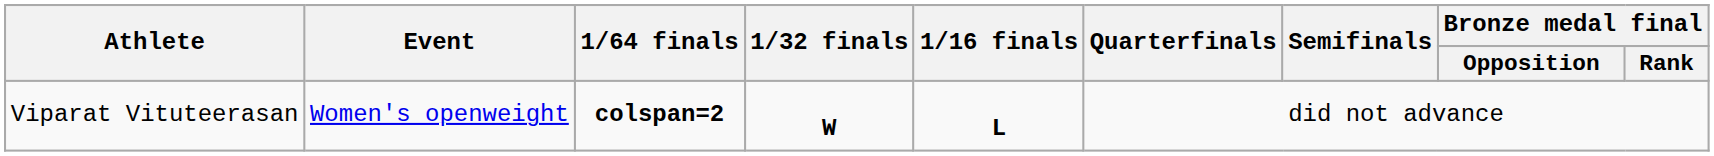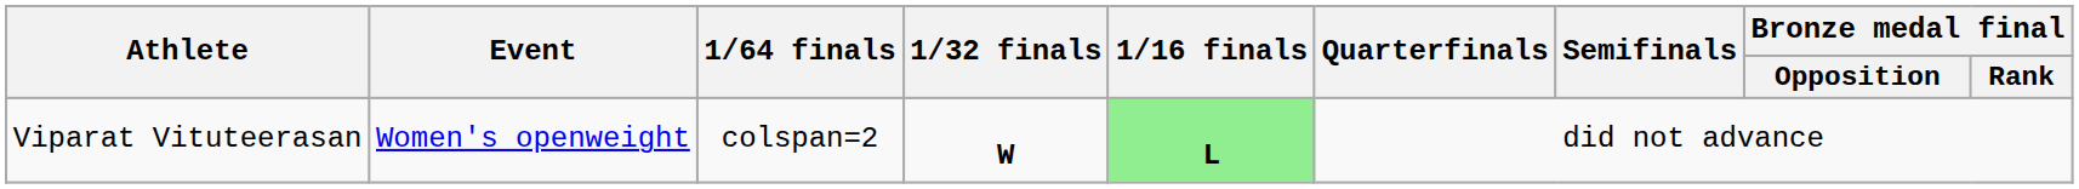 <table class="wikitable" style="font-size:90%">
 <tr>
 <th rowspan=2>Athlete</th>
 <th rowspan=2>Event</th>
 <th rowspan=2>1/64 finals</th>
 <th rowspan=2>1/32 finals</th>
 <th rowspan=2>1/16 finals</th>
 <th rowspan=2>Quarterfinals</th>
 <th rowspan=2>Semifinals</th>
 <th colspan=2>Bronze medal final</th>
 </tr>
 <tr style="font-size:95%">
 <th>Opposition</th>
 <th>Rank</th>
 </tr>
 <tr align=center>
 <td align=left>Viparat Vituteerasan</td>
 <td align=left rowspan=2><a href='#'>Women's openweight</a></td>
-<td><strong>colspan=2 </strong></td>
+<td>colspan=2 </td>
 <td><br> <strong>W</strong></td>
-<td><br> <strong>L</strong></td>
+<td style="background: lightgreen;"><br> <strong>L</strong></td>
 <td colspan=4>did not advance</td>
 </tr>
 </table>
